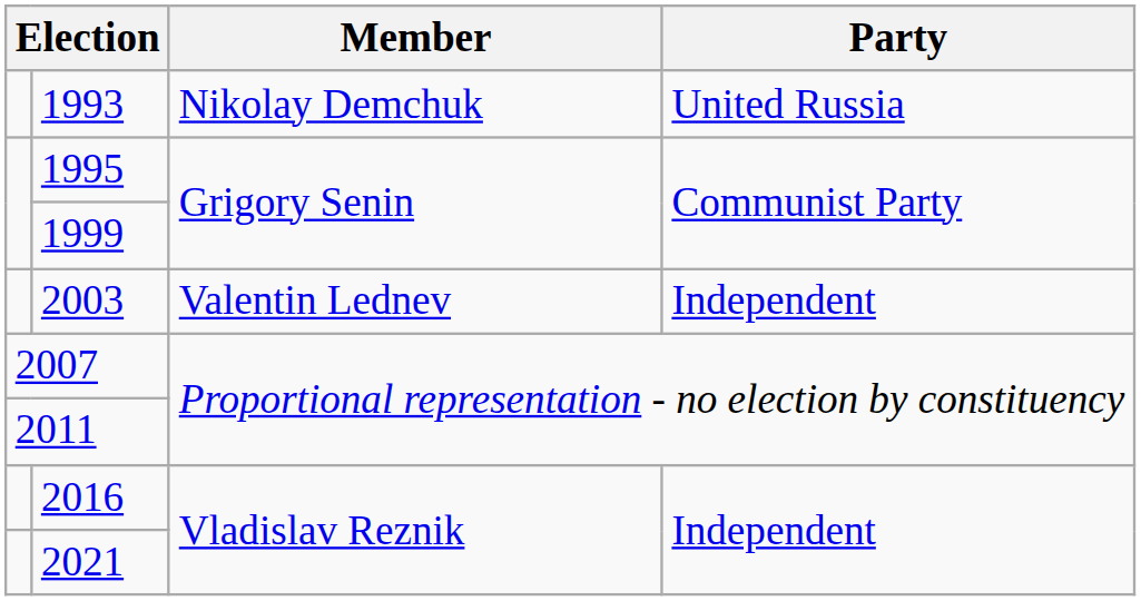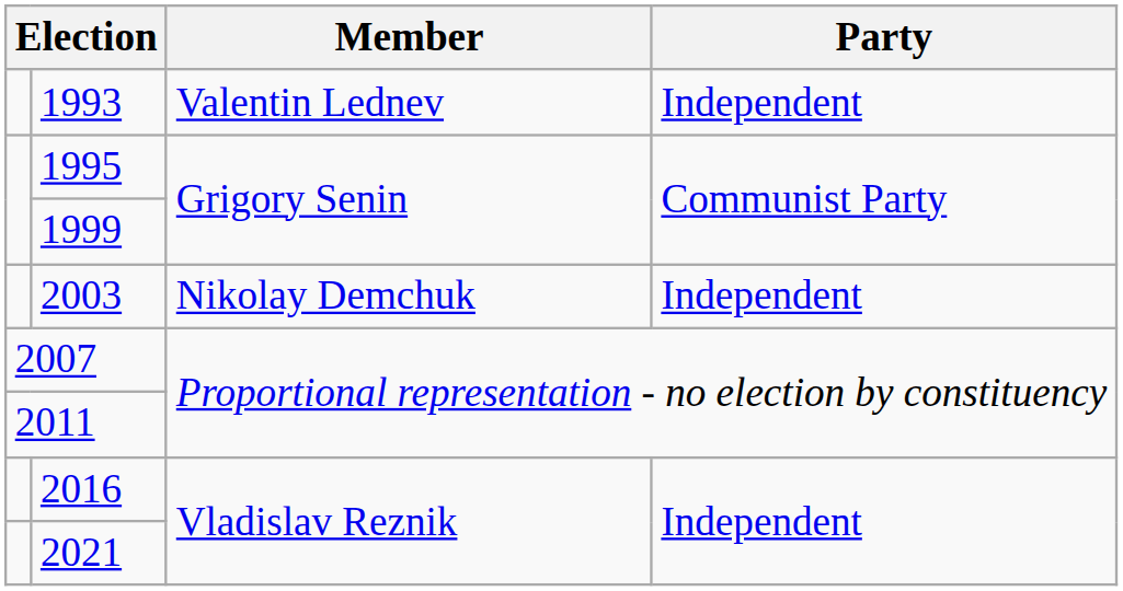 <table class="wikitable">
 <tr>
 <th colspan="2">Election</th>
 <th>Member</th>
 <th>Party</th>
 </tr>
 <tr>
 <td style="background-color: "></td>
 <td><a href='#'>1993</a></td>
-<td><a href='#'>Nikolay Demchuk</a></td>
-<td><a href='#'>United Russia</a></td>
+<td><a href='#'>Valentin Lednev</a></td>
+<td><a href='#'>Independent</a></td>
 </tr>
 <tr>
 <td rowspan=2 style="background-color: "></td>
 <td><a href='#'>1995</a></td>
 <td rowspan=2><a href='#'>Grigory Senin</a></td>
 <td rowspan=2><a href='#'>Communist Party</a></td>
 </tr>
 <tr>
 <td><a href='#'>1999</a></td>
 </tr>
 <tr>
 <td style="background-color: "></td>
 <td><a href='#'>2003</a></td>
-<td><a href='#'>Valentin Lednev</a></td>
+<td><a href='#'>Nikolay Demchuk</a></td>
 <td><a href='#'>Independent</a></td>
 </tr>
 <tr>
 <td colspan=2><a href='#'>2007</a></td>
 <td colspan=2 rowspan=2><em><a href='#'>Proportional representation</a> - no election by constituency</em></td>
 </tr>
 <tr>
 <td colspan=2><a href='#'>2011</a></td>
 </tr>
 <tr>
 <td style="background-color: "></td>
 <td><a href='#'>2016</a></td>
 <td rowspan=2><a href='#'>Vladislav Reznik</a></td>
 <td rowspan=2><a href='#'>Independent</a></td>
 </tr>
 <tr>
 <td style="background-color: "></td>
 <td><a href='#'>2021</a></td>
 </tr>
 </table>
